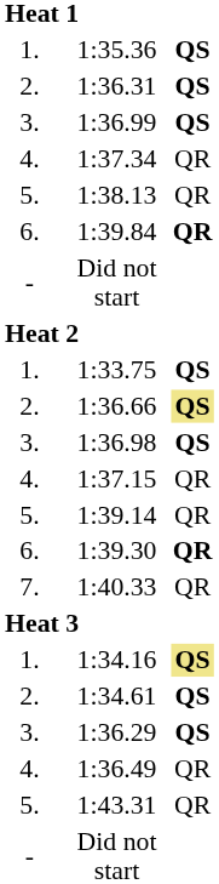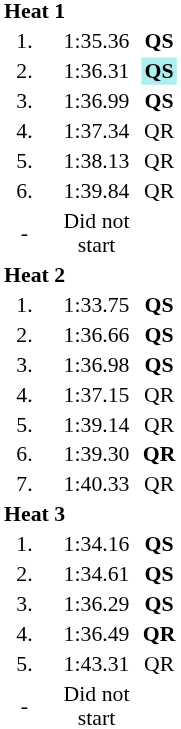 <table style="text-align:center">
 <tr>
 <td colspan=4 align=left><strong>Heat 1</strong></td>
 </tr>
 <tr>
 <td width=30>1.</td>
 <td align=left></td>
 <td width=60>1:35.36</td>
 <td><strong>QS</strong></td>
 </tr>
 <tr>
 <td>2.</td>
 <td align=left></td>
 <td>1:36.31</td>
-<td><strong>QS</strong></td>
+<td style="background: paleturquoise;"><strong>QS</strong></td>
 </tr>
 <tr>
 <td>3.</td>
 <td align=left></td>
 <td>1:36.99</td>
 <td><strong>QS</strong></td>
 </tr>
 <tr>
 <td>4.</td>
 <td align=left></td>
 <td>1:37.34</td>
 <td>QR</td>
 </tr>
 <tr>
 <td>5.</td>
 <td align=left></td>
 <td>1:38.13</td>
 <td>QR</td>
 </tr>
 <tr>
 <td>6.</td>
 <td align=left></td>
 <td>1:39.84</td>
-<td><strong>QR</strong></td>
+<td>QR</td>
 </tr>
 <tr>
 <td>-</td>
 <td align=left></td>
 <td>Did not start</td>
 <td></td>
 </tr>
 <tr>
 <td colspan=4 align=left><strong>Heat 2</strong></td>
 </tr>
 <tr>
 <td>1.</td>
 <td align=left></td>
 <td>1:33.75</td>
 <td><strong>QS</strong></td>
 </tr>
 <tr>
 <td>2.</td>
 <td align=left></td>
 <td>1:36.66</td>
-<td style="background: khaki;"><strong>QS</strong></td>
+<td><strong>QS</strong></td>
 </tr>
 <tr>
 <td>3.</td>
 <td align=left></td>
 <td>1:36.98</td>
 <td><strong>QS</strong></td>
 </tr>
 <tr>
 <td>4.</td>
 <td align=left></td>
 <td>1:37.15</td>
 <td>QR</td>
 </tr>
 <tr>
 <td>5.</td>
 <td align=left></td>
 <td>1:39.14</td>
 <td>QR</td>
 </tr>
 <tr>
 <td>6.</td>
 <td align=left></td>
 <td>1:39.30</td>
 <td><strong>QR</strong></td>
 </tr>
 <tr>
 <td>7.</td>
 <td align=left></td>
 <td>1:40.33</td>
 <td>QR</td>
 </tr>
 <tr>
 <td colspan=4 align=left><strong>Heat 3</strong></td>
 </tr>
 <tr>
 <td>1.</td>
 <td align=left></td>
 <td>1:34.16</td>
-<td style="background: khaki;"><strong>QS</strong></td>
+<td><strong>QS</strong></td>
 </tr>
 <tr>
 <td>2.</td>
 <td align=left></td>
 <td>1:34.61</td>
 <td><strong>QS</strong></td>
 </tr>
 <tr>
 <td>3.</td>
 <td align=left></td>
 <td>1:36.29</td>
 <td><strong>QS</strong></td>
 </tr>
 <tr>
 <td>4.</td>
 <td align=left></td>
 <td>1:36.49</td>
-<td>QR</td>
+<td><strong>QR</strong></td>
 </tr>
 <tr>
 <td>5.</td>
 <td align=left></td>
 <td>1:43.31</td>
 <td>QR</td>
 </tr>
 <tr>
 <td>-</td>
 <td align=left></td>
 <td>Did not start</td>
 <td></td>
 </tr>
 </table>
